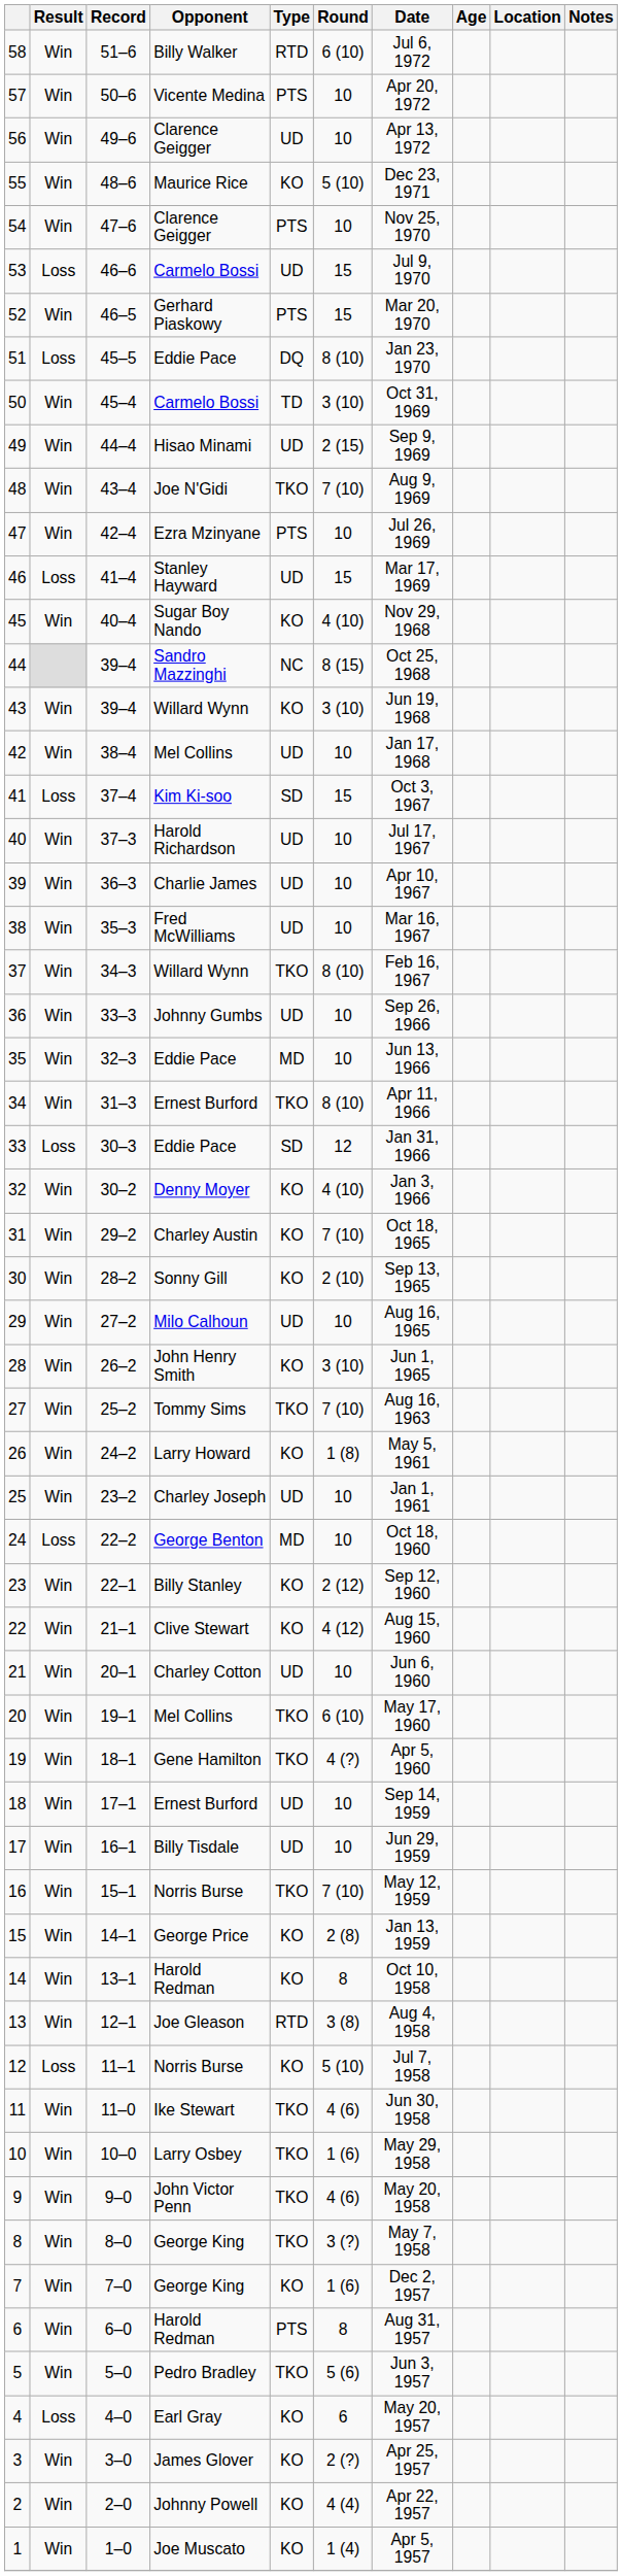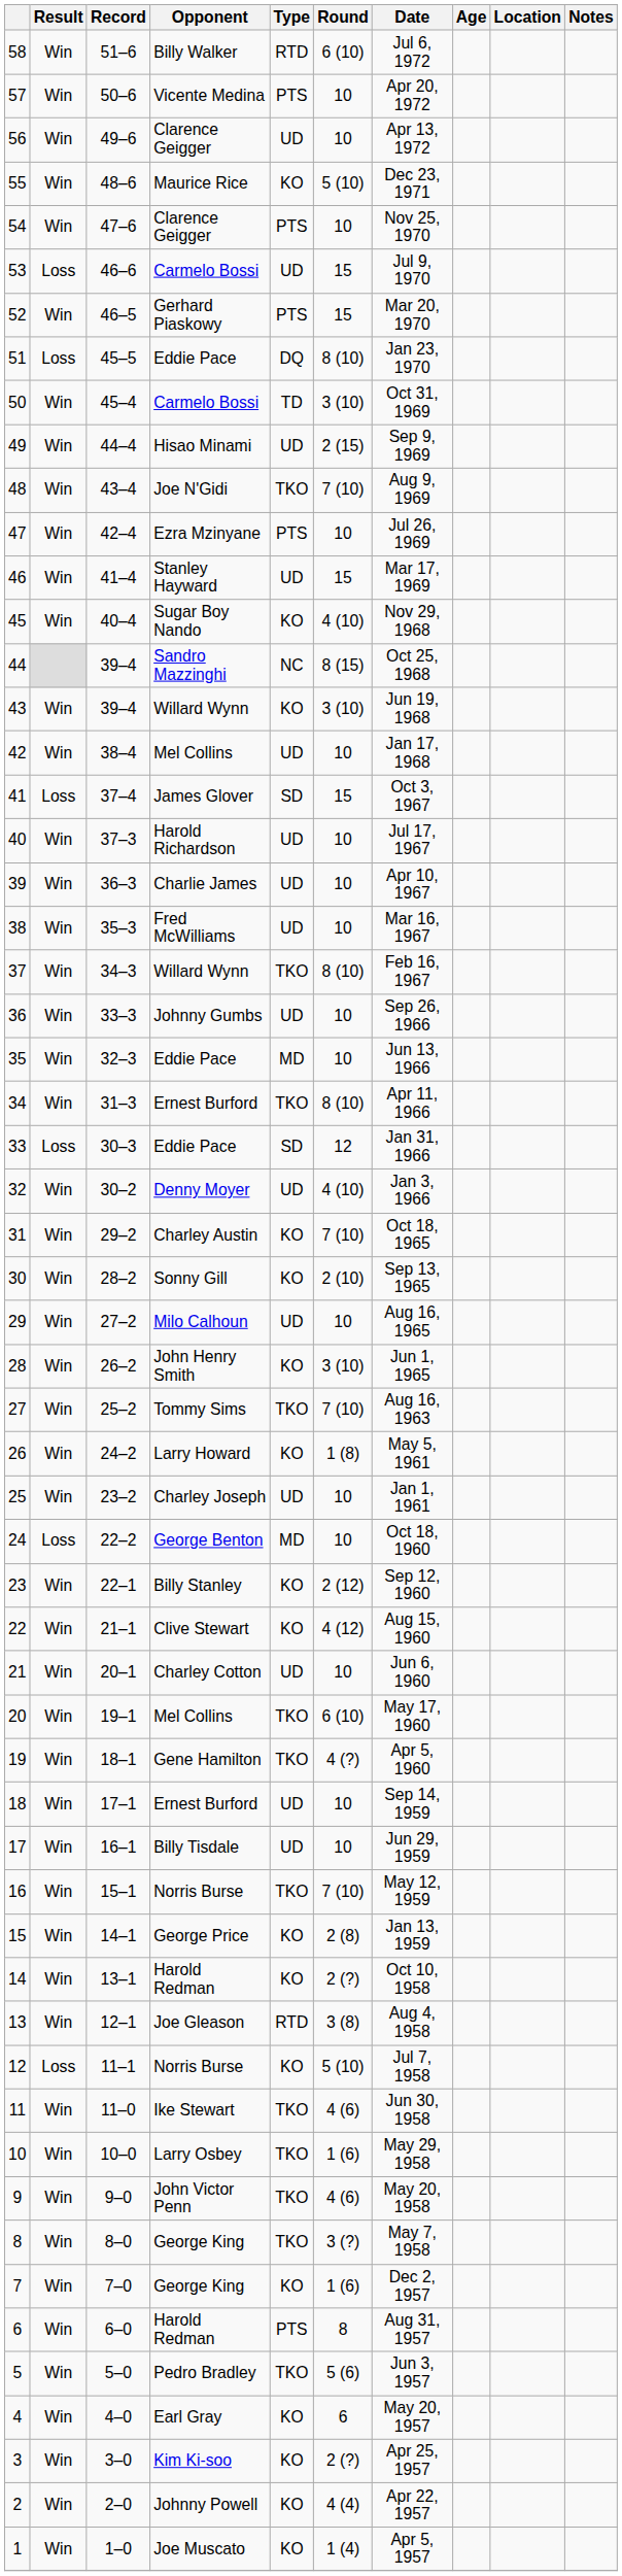 <table class="wikitable" style="text-align:center">
 <tr>
 <th></th>
 <th>Result</th>
 <th>Record</th>
 <th>Opponent</th>
 <th>Type</th>
 <th>Round</th>
 <th>Date</th>
 <th>Age</th>
 <th>Location</th>
 <th>Notes</th>
 </tr>
 <tr>
 <td>58</td>
 <td>Win</td>
 <td>51–6 </td>
 <td align=left>Billy Walker</td>
 <td>RTD</td>
 <td>6 (10)</td>
 <td>Jul 6, 1972</td>
 <td style="text-align:left;"></td>
 <td style="text-align:left;"></td>
 <td></td>
 </tr>
 <tr>
 <td>57</td>
 <td>Win</td>
 <td>50–6 </td>
 <td align=left>Vicente Medina</td>
 <td>PTS</td>
 <td>10</td>
 <td>Apr 20, 1972</td>
 <td style="text-align:left;"></td>
 <td style="text-align:left;"></td>
 <td></td>
 </tr>
 <tr>
 <td>56</td>
 <td>Win</td>
 <td>49–6 </td>
 <td align=left>Clarence Geigger</td>
 <td>UD</td>
 <td>10</td>
 <td>Apr 13, 1972</td>
 <td style="text-align:left;"></td>
 <td style="text-align:left;"></td>
 <td></td>
 </tr>
 <tr>
 <td>55</td>
 <td>Win</td>
 <td>48–6 </td>
 <td align=left>Maurice Rice</td>
 <td>KO</td>
 <td>5 (10)</td>
 <td>Dec 23, 1971</td>
 <td style="text-align:left;"></td>
 <td style="text-align:left;"></td>
 <td></td>
 </tr>
 <tr>
 <td>54</td>
 <td>Win</td>
 <td>47–6 </td>
 <td align=left>Clarence Geigger</td>
 <td>PTS</td>
 <td>10</td>
 <td>Nov 25, 1970</td>
 <td style="text-align:left;"></td>
 <td style="text-align:left;"></td>
 <td></td>
 </tr>
 <tr>
 <td>53</td>
 <td>Loss</td>
 <td>46–6 </td>
 <td align=left><a href='#'>Carmelo Bossi</a></td>
 <td>UD</td>
 <td>15</td>
 <td>Jul 9, 1970</td>
 <td style="text-align:left;"></td>
 <td style="text-align:left;"></td>
 <td style="text-align:left;"></td>
 </tr>
 <tr>
 <td>52</td>
 <td>Win</td>
 <td>46–5 </td>
 <td align=left>Gerhard Piaskowy</td>
 <td>PTS</td>
 <td>15</td>
 <td>Mar 20, 1970</td>
 <td style="text-align:left;"></td>
 <td style="text-align:left;"></td>
 <td style="text-align:left;"></td>
 </tr>
 <tr>
 <td>51</td>
 <td>Loss</td>
 <td>45–5 </td>
 <td align=left>Eddie Pace</td>
 <td>DQ</td>
 <td>8 (10)</td>
 <td>Jan 23, 1970</td>
 <td style="text-align:left;"></td>
 <td style="text-align:left;"></td>
 <td style="text-align:left;"></td>
 </tr>
 <tr>
 <td>50</td>
 <td>Win</td>
 <td>45–4 </td>
 <td align=left><a href='#'>Carmelo Bossi</a></td>
 <td>TD</td>
 <td>3 (10)</td>
 <td>Oct 31, 1969</td>
 <td style="text-align:left;"></td>
 <td style="text-align:left;"></td>
 <td></td>
 </tr>
 <tr>
 <td>49</td>
 <td>Win</td>
 <td>44–4 </td>
 <td align=left>Hisao Minami</td>
 <td>UD</td>
 <td>2 (15)</td>
 <td>Sep 9, 1969</td>
 <td style="text-align:left;"></td>
 <td style="text-align:left;"></td>
 <td style="text-align:left;"></td>
 </tr>
 <tr>
 <td>48</td>
 <td>Win</td>
 <td>43–4 </td>
 <td align=left>Joe N'Gidi</td>
 <td>TKO</td>
 <td>7 (10)</td>
 <td>Aug 9, 1969</td>
 <td style="text-align:left;"></td>
 <td style="text-align:left;"></td>
 <td></td>
 </tr>
 <tr>
 <td>47</td>
 <td>Win</td>
 <td>42–4 </td>
 <td align=left>Ezra Mzinyane</td>
 <td>PTS</td>
 <td>10</td>
 <td>Jul 26, 1969</td>
 <td style="text-align:left;"></td>
 <td style="text-align:left;"></td>
 <td></td>
 </tr>
 <tr>
 <td>46</td>
-<td>Loss</td>
+<td>Win</td>
 <td>41–4 </td>
 <td align=left>Stanley Hayward</td>
 <td>UD</td>
 <td>15</td>
 <td>Mar 17, 1969</td>
 <td style="text-align:left;"></td>
 <td style="text-align:left;"></td>
 <td style="text-align:left;"></td>
 </tr>
 <tr>
 <td>45</td>
 <td>Win</td>
 <td>40–4 </td>
 <td align=left>Sugar Boy Nando</td>
 <td>KO</td>
 <td>4 (10)</td>
 <td>Nov 29, 1968</td>
 <td style="text-align:left;"></td>
 <td style="text-align:left;"></td>
 <td></td>
 </tr>
 <tr>
 <td>44</td>
 <td style="background:#DDD"></td>
 <td>39–4 </td>
 <td align=left><a href='#'>Sandro Mazzinghi</a></td>
 <td>NC</td>
 <td>8 (15)</td>
 <td>Oct 25, 1968</td>
 <td style="text-align:left;"></td>
 <td style="text-align:left;"></td>
 <td style="text-align:left;"></td>
 </tr>
 <tr>
 <td>43</td>
 <td>Win</td>
 <td>39–4</td>
 <td align=left>Willard Wynn</td>
 <td>KO</td>
 <td>3 (10)</td>
 <td>Jun 19, 1968</td>
 <td style="text-align:left;"></td>
 <td style="text-align:left;"></td>
 <td></td>
 </tr>
 <tr>
 <td>42</td>
 <td>Win</td>
 <td>38–4</td>
 <td align=left>Mel Collins</td>
 <td>UD</td>
 <td>10</td>
 <td>Jan 17, 1968</td>
 <td style="text-align:left;"></td>
 <td style="text-align:left;"></td>
 <td></td>
 </tr>
 <tr>
 <td>41</td>
 <td>Loss</td>
 <td>37–4</td>
-<td align=left><a href='#'>Kim Ki-soo</a></td>
+<td align=left>James Glover</td>
 <td>SD</td>
 <td>15</td>
 <td>Oct 3, 1967</td>
 <td style="text-align:left;"></td>
 <td style="text-align:left;"></td>
 <td style="text-align:left;"></td>
 </tr>
 <tr>
 <td>40</td>
 <td>Win</td>
 <td>37–3</td>
 <td align=left>Harold Richardson</td>
 <td>UD</td>
 <td>10</td>
 <td>Jul 17, 1967</td>
 <td style="text-align:left;"></td>
 <td style="text-align:left;"></td>
 <td></td>
 </tr>
 <tr>
 <td>39</td>
 <td>Win</td>
 <td>36–3</td>
 <td align=left>Charlie James</td>
 <td>UD</td>
 <td>10</td>
 <td>Apr 10, 1967</td>
 <td style="text-align:left;"></td>
 <td style="text-align:left;"></td>
 <td></td>
 </tr>
 <tr>
 <td>38</td>
 <td>Win</td>
 <td>35–3</td>
 <td align=left>Fred McWilliams</td>
 <td>UD</td>
 <td>10</td>
 <td>Mar 16, 1967</td>
 <td style="text-align:left;"></td>
 <td style="text-align:left;"></td>
 <td></td>
 </tr>
 <tr>
 <td>37</td>
 <td>Win</td>
 <td>34–3</td>
 <td align=left>Willard Wynn</td>
 <td>TKO</td>
 <td>8 (10)</td>
 <td>Feb 16, 1967</td>
 <td style="text-align:left;"></td>
 <td style="text-align:left;"></td>
 <td></td>
 </tr>
 <tr>
 <td>36</td>
 <td>Win</td>
 <td>33–3</td>
 <td align=left>Johnny Gumbs</td>
 <td>UD</td>
 <td>10</td>
 <td>Sep 26, 1966</td>
 <td style="text-align:left;"></td>
 <td style="text-align:left;"></td>
 <td></td>
 </tr>
 <tr>
 <td>35</td>
 <td>Win</td>
 <td>32–3</td>
 <td align=left>Eddie Pace</td>
 <td>MD</td>
 <td>10</td>
 <td>Jun 13, 1966</td>
 <td style="text-align:left;"></td>
 <td style="text-align:left;"></td>
 <td></td>
 </tr>
 <tr>
 <td>34</td>
 <td>Win</td>
 <td>31–3</td>
 <td align=left>Ernest Burford</td>
 <td>TKO</td>
 <td>8 (10)</td>
 <td>Apr 11, 1966</td>
 <td style="text-align:left;"></td>
 <td style="text-align:left;"></td>
 <td></td>
 </tr>
 <tr>
 <td>33</td>
 <td>Loss</td>
 <td>30–3</td>
 <td align=left>Eddie Pace</td>
 <td>SD</td>
 <td>12</td>
 <td>Jan 31, 1966</td>
 <td style="text-align:left;"></td>
 <td style="text-align:left;"></td>
 <td></td>
 </tr>
 <tr>
 <td>32</td>
 <td>Win</td>
 <td>30–2</td>
 <td align=left><a href='#'>Denny Moyer</a></td>
-<td>KO</td>
+<td>UD</td>
 <td>4 (10)</td>
 <td>Jan 3, 1966</td>
 <td style="text-align:left;"></td>
 <td style="text-align:left;"></td>
 <td></td>
 </tr>
 <tr>
 <td>31</td>
 <td>Win</td>
 <td>29–2</td>
 <td align=left>Charley Austin</td>
 <td>KO</td>
 <td>7 (10)</td>
 <td>Oct 18, 1965</td>
 <td style="text-align:left;"></td>
 <td style="text-align:left;"></td>
 <td></td>
 </tr>
 <tr>
 <td>30</td>
 <td>Win</td>
 <td>28–2</td>
 <td align=left>Sonny Gill</td>
 <td>KO</td>
 <td>2 (10)</td>
 <td>Sep 13, 1965</td>
 <td style="text-align:left;"></td>
 <td style="text-align:left;"></td>
 <td></td>
 </tr>
 <tr>
 <td>29</td>
 <td>Win</td>
 <td>27–2</td>
 <td align=left><a href='#'>Milo Calhoun</a></td>
 <td>UD</td>
 <td>10</td>
 <td>Aug 16, 1965</td>
 <td style="text-align:left;"></td>
 <td style="text-align:left;"></td>
 <td></td>
 </tr>
 <tr>
 <td>28</td>
 <td>Win</td>
 <td>26–2</td>
 <td align=left>John Henry Smith</td>
 <td>KO</td>
 <td>3 (10)</td>
 <td>Jun 1, 1965</td>
 <td style="text-align:left;"></td>
 <td style="text-align:left;"></td>
 <td></td>
 </tr>
 <tr>
 <td>27</td>
 <td>Win</td>
 <td>25–2</td>
 <td align=left>Tommy Sims</td>
 <td>TKO</td>
 <td>7 (10)</td>
 <td>Aug 16, 1963</td>
 <td style="text-align:left;"></td>
 <td style="text-align:left;"></td>
 <td></td>
 </tr>
 <tr>
 <td>26</td>
 <td>Win</td>
 <td>24–2</td>
 <td align=left>Larry Howard</td>
 <td>KO</td>
 <td>1 (8)</td>
 <td>May 5, 1961</td>
 <td style="text-align:left;"></td>
 <td style="text-align:left;"></td>
 <td></td>
 </tr>
 <tr>
 <td>25</td>
 <td>Win</td>
 <td>23–2</td>
 <td align=left>Charley Joseph</td>
 <td>UD</td>
 <td>10</td>
 <td>Jan 1, 1961</td>
 <td style="text-align:left;"></td>
 <td style="text-align:left;"></td>
 <td></td>
 </tr>
 <tr>
 <td>24</td>
 <td>Loss</td>
 <td>22–2</td>
 <td align=left><a href='#'>George Benton</a></td>
 <td>MD</td>
 <td>10</td>
 <td>Oct 18, 1960</td>
 <td style="text-align:left;"></td>
 <td style="text-align:left;"></td>
 <td></td>
 </tr>
 <tr>
 <td>23</td>
 <td>Win</td>
 <td>22–1</td>
 <td align=left>Billy Stanley</td>
 <td>KO</td>
 <td>2 (12)</td>
 <td>Sep 12, 1960</td>
 <td style="text-align:left;"></td>
 <td style="text-align:left;"></td>
 <td></td>
 </tr>
 <tr>
 <td>22</td>
 <td>Win</td>
 <td>21–1</td>
 <td align=left>Clive Stewart</td>
 <td>KO</td>
 <td>4 (12)</td>
 <td>Aug 15, 1960</td>
 <td style="text-align:left;"></td>
 <td style="text-align:left;"></td>
 <td></td>
 </tr>
 <tr>
 <td>21</td>
 <td>Win</td>
 <td>20–1</td>
 <td align=left>Charley Cotton</td>
 <td>UD</td>
 <td>10</td>
 <td>Jun 6, 1960</td>
 <td style="text-align:left;"></td>
 <td style="text-align:left;"></td>
 <td></td>
 </tr>
 <tr>
 <td>20</td>
 <td>Win</td>
 <td>19–1</td>
 <td align=left>Mel Collins</td>
 <td>TKO</td>
 <td>6 (10)</td>
 <td>May 17, 1960</td>
 <td style="text-align:left;"></td>
 <td style="text-align:left;"></td>
 <td></td>
 </tr>
 <tr>
 <td>19</td>
 <td>Win</td>
 <td>18–1</td>
 <td align=left>Gene Hamilton</td>
 <td>TKO</td>
 <td>4 (?)</td>
 <td>Apr 5, 1960</td>
 <td style="text-align:left;"></td>
 <td style="text-align:left;"></td>
 <td></td>
 </tr>
 <tr>
 <td>18</td>
 <td>Win</td>
 <td>17–1</td>
 <td align=left>Ernest Burford</td>
 <td>UD</td>
 <td>10</td>
 <td>Sep 14, 1959</td>
 <td style="text-align:left;"></td>
 <td style="text-align:left;"></td>
 <td style="text-align:left;"></td>
 </tr>
 <tr>
 <td>17</td>
 <td>Win</td>
 <td>16–1</td>
 <td align=left>Billy Tisdale</td>
 <td>UD</td>
 <td>10</td>
 <td>Jun 29, 1959</td>
 <td style="text-align:left;"></td>
 <td style="text-align:left;"></td>
 <td></td>
 </tr>
 <tr>
 <td>16</td>
 <td>Win</td>
 <td>15–1</td>
 <td align=left>Norris Burse</td>
 <td>TKO</td>
 <td>7 (10)</td>
 <td>May 12, 1959</td>
 <td style="text-align:left;"></td>
 <td style="text-align:left;"></td>
 <td></td>
 </tr>
 <tr>
 <td>15</td>
 <td>Win</td>
 <td>14–1</td>
 <td align=left>George Price</td>
 <td>KO</td>
 <td>2 (8)</td>
 <td>Jan 13, 1959</td>
 <td style="text-align:left;"></td>
 <td style="text-align:left;"></td>
 <td></td>
 </tr>
 <tr>
 <td>14</td>
 <td>Win</td>
 <td>13–1</td>
 <td align=left>Harold Redman</td>
 <td>KO</td>
-<td>8</td>
+<td>2 (?)</td>
 <td>Oct 10, 1958</td>
 <td style="text-align:left;"></td>
 <td style="text-align:left;"></td>
 <td></td>
 </tr>
 <tr>
 <td>13</td>
 <td>Win</td>
 <td>12–1</td>
 <td align=left>Joe Gleason</td>
 <td>RTD</td>
 <td>3 (8)</td>
 <td>Aug 4, 1958</td>
 <td style="text-align:left;"></td>
 <td style="text-align:left;"></td>
 <td></td>
 </tr>
 <tr>
 <td>12</td>
 <td>Loss</td>
 <td>11–1</td>
 <td align=left>Norris Burse</td>
 <td>KO</td>
 <td>5 (10)</td>
 <td>Jul 7, 1958</td>
 <td style="text-align:left;"></td>
 <td style="text-align:left;"></td>
 <td></td>
 </tr>
 <tr>
 <td>11</td>
 <td>Win</td>
 <td>11–0</td>
 <td align=left>Ike Stewart</td>
 <td>TKO</td>
 <td>4 (6)</td>
 <td>Jun 30, 1958</td>
 <td style="text-align:left;"></td>
 <td style="text-align:left;"></td>
 <td></td>
 </tr>
 <tr>
 <td>10</td>
 <td>Win</td>
 <td>10–0</td>
 <td align=left>Larry Osbey</td>
 <td>TKO</td>
 <td>1 (6)</td>
 <td>May 29, 1958</td>
 <td style="text-align:left;"></td>
 <td style="text-align:left;"></td>
 <td></td>
 </tr>
 <tr>
 <td>9</td>
 <td>Win</td>
 <td>9–0</td>
 <td align=left>John Victor Penn</td>
 <td>TKO</td>
 <td>4 (6)</td>
 <td>May 20, 1958</td>
 <td style="text-align:left;"></td>
 <td style="text-align:left;"></td>
 <td></td>
 </tr>
 <tr>
 <td>8</td>
 <td>Win</td>
 <td>8–0</td>
 <td align=left>George King</td>
 <td>TKO</td>
 <td>3 (?)</td>
 <td>May 7, 1958</td>
 <td style="text-align:left;"></td>
 <td style="text-align:left;"></td>
 <td></td>
 </tr>
 <tr>
 <td>7</td>
 <td>Win</td>
 <td>7–0</td>
 <td align=left>George King</td>
 <td>KO</td>
 <td>1 (6)</td>
 <td>Dec 2, 1957</td>
 <td style="text-align:left;"></td>
 <td style="text-align:left;"></td>
 <td></td>
 </tr>
 <tr>
 <td>6</td>
 <td>Win</td>
 <td>6–0</td>
 <td align=left>Harold Redman</td>
 <td>PTS</td>
 <td>8</td>
 <td>Aug 31, 1957</td>
 <td style="text-align:left;"></td>
 <td style="text-align:left;"></td>
 <td></td>
 </tr>
 <tr>
 <td>5</td>
 <td>Win</td>
 <td>5–0</td>
 <td align=left>Pedro Bradley</td>
 <td>TKO</td>
 <td>5 (6)</td>
 <td>Jun 3, 1957</td>
 <td style="text-align:left;"></td>
 <td style="text-align:left;"></td>
 <td></td>
 </tr>
 <tr>
 <td>4</td>
-<td>Loss</td>
+<td>Win</td>
 <td>4–0</td>
 <td align=left>Earl Gray</td>
 <td>KO</td>
 <td>6</td>
 <td>May 20, 1957</td>
 <td style="text-align:left;"></td>
 <td style="text-align:left;"></td>
 <td></td>
 </tr>
 <tr>
 <td>3</td>
 <td>Win</td>
 <td>3–0</td>
-<td align=left>James Glover</td>
+<td align=left><a href='#'>Kim Ki-soo</a></td>
 <td>KO</td>
 <td>2 (?)</td>
 <td>Apr 25, 1957</td>
 <td style="text-align:left;"></td>
 <td style="text-align:left;"></td>
 <td></td>
 </tr>
 <tr>
 <td>2</td>
 <td>Win</td>
 <td>2–0</td>
 <td align=left>Johnny Powell</td>
 <td>KO</td>
 <td>4 (4)</td>
 <td>Apr 22, 1957</td>
 <td style="text-align:left;"></td>
 <td style="text-align:left;"></td>
 <td></td>
 </tr>
 <tr>
 <td>1</td>
 <td>Win</td>
 <td>1–0</td>
 <td align=left>Joe Muscato</td>
 <td>KO</td>
 <td>1 (4)</td>
 <td>Apr 5, 1957</td>
 <td style="text-align:left;"></td>
 <td style="text-align:left;"></td>
 <td></td>
 </tr>
 <tr>
 </tr>
 </table>
